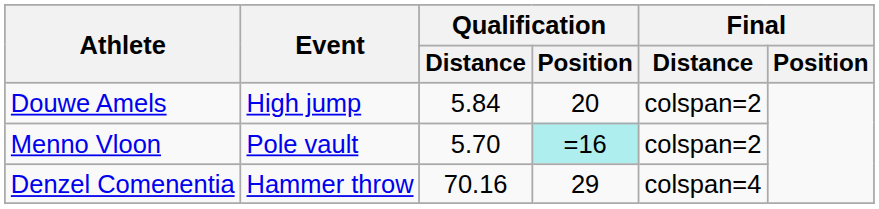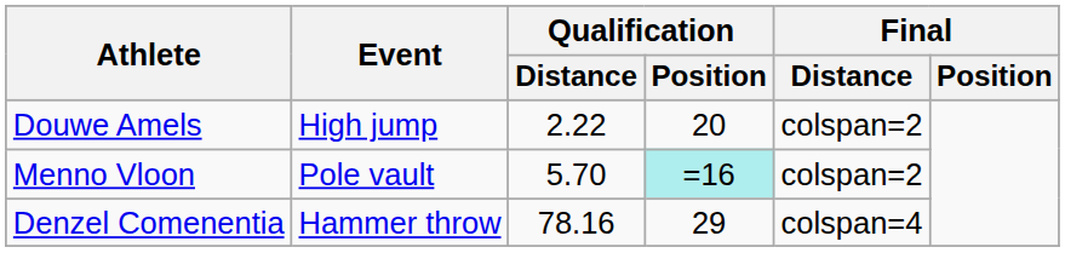 <table class="wikitable" style="font-size:90%">
 <tr>
 <th rowspan="2">Athlete</th>
 <th rowspan="2">Event</th>
 <th colspan="2">Qualification</th>
 <th colspan="2">Final</th>
 </tr>
 <tr style="font-size:95%">
 <th>Distance</th>
 <th>Position</th>
 <th>Distance</th>
 <th>Position</th>
 </tr>
 <tr align="center">
 <td align=left><a href='#'>Douwe Amels</a></td>
 <td align=left><a href='#'>High jump</a></td>
-<td>5.84</td>
+<td>2.22</td>
 <td>20</td>
 <td>colspan=2 </td>
 </tr>
 <tr align="center">
 <td align=left><a href='#'>Menno Vloon</a></td>
 <td align=left><a href='#'>Pole vault</a></td>
 <td>5.70</td>
 <td style="background: paleturquoise;">=16</td>
 <td>colspan=2 </td>
 </tr>
 <tr align="center">
 <td align=left><a href='#'>Denzel Comenentia</a></td>
 <td align=left><a href='#'>Hammer throw</a></td>
-<td>70.16</td>
+<td>78.16</td>
 <td>29</td>
 <td>colspan=4 </td>
 </tr>
 </table>
